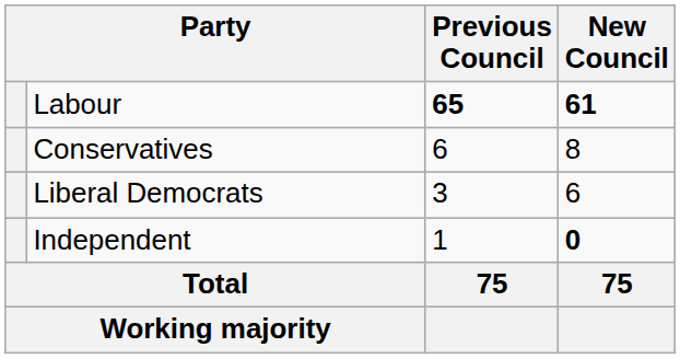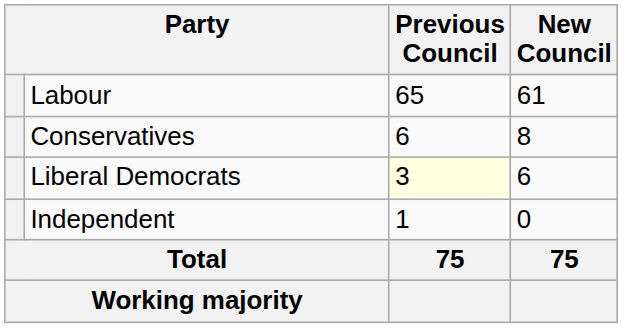 <table class="wikitable">
 <tr>
 <th colspan="2" valign="top" style="width: 230px">Party</th>
 <th valign="top" style="width: 30px">Previous Council</th>
 <th valign="top" style="width: 30px">New Council</th>
 </tr>
 <tr>
 <th style="background-color: "></th>
 <td>Labour</td>
-<td><strong>65</strong></td>
-<td><strong>61</strong></td>
+<td>65</td>
+<td>61</td>
 </tr>
 <tr>
 <th style="background-color: "></th>
 <td>Conservatives</td>
 <td>6</td>
 <td>8</td>
 </tr>
 <tr>
 <th style="background-color: "></th>
 <td>Liberal Democrats</td>
-<td>3</td>
+<td style="background: lightyellow;">3</td>
 <td>6</td>
 </tr>
 <tr>
 <th style="background-color: "></th>
 <td>Independent</td>
 <td>1</td>
-<td><strong>0</strong></td>
+<td>0</td>
 </tr>
 <tr>
 <th colspan="2">Total</th>
 <th style="text-align: center">75</th>
 <th>75</th>
 </tr>
 <tr>
 <th colspan="2">Working majority</th>
 <th></th>
 <th></th>
 </tr>
 </table>
